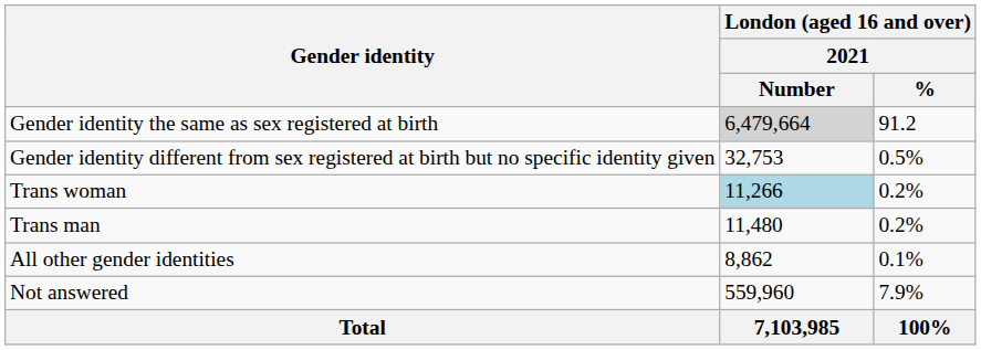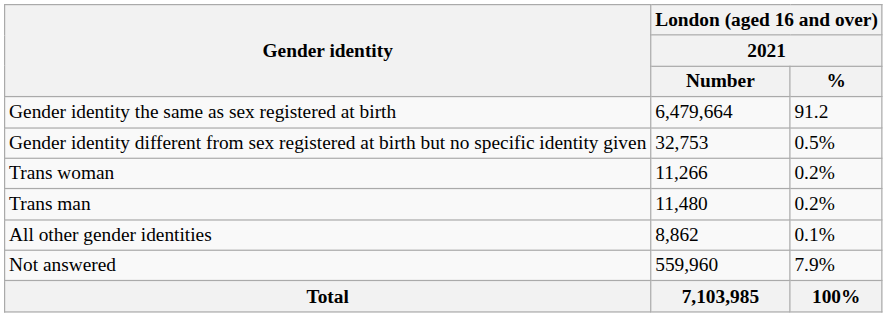 <table class="wikitable">
 <tr>
 <th rowspan="3">Gender identity</th>
 <th colspan="2">London (aged 16 and over)</th>
 </tr>
 <tr>
 <th colspan="2">2021</th>
 </tr>
 <tr>
 <th>Number</th>
 <th>%</th>
 </tr>
 <tr>
 <td>Gender identity the same as sex registered at birth</td>
-<td style="background: lightgrey;">6,479,664</td>
+<td>6,479,664</td>
 <td>91.2</td>
 </tr>
 <tr>
 <td>Gender identity different from sex registered at birth but no specific identity given</td>
 <td>32,753</td>
 <td>0.5%</td>
 </tr>
 <tr>
 <td>Trans woman</td>
-<td style="background: lightblue;">11,266</td>
+<td>11,266</td>
 <td>0.2%</td>
 </tr>
 <tr>
 <td>Trans man</td>
 <td>11,480</td>
 <td>0.2%</td>
 </tr>
 <tr>
 <td>All other gender identities</td>
 <td>8,862</td>
 <td>0.1%</td>
 </tr>
 <tr>
 <td>Not answered</td>
 <td>559,960</td>
 <td>7.9%</td>
 </tr>
 <tr>
 <th>Total</th>
 <th>7,103,985</th>
 <th>100%</th>
 </tr>
 </table>
